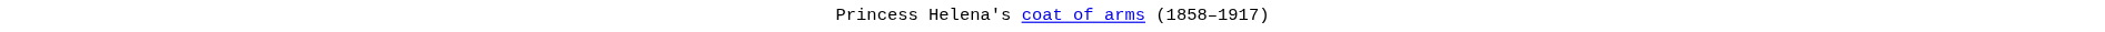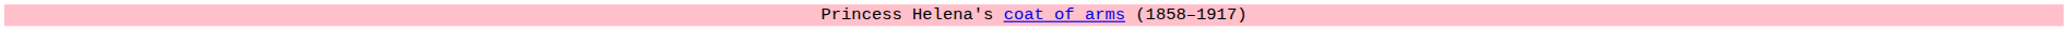 <table border="0" align="center" width="80%">
 <tr>
 <th width=25%></th>
 </tr>
 <tr>
-<td style="text-align: center;">Princess Helena's <a href='#'>coat of arms</a> (1858–1917)</td>
+<td style="background: pink; text-align: center;">Princess Helena's <a href='#'>coat of arms</a> (1858–1917)</td>
 </tr>
 </table>
